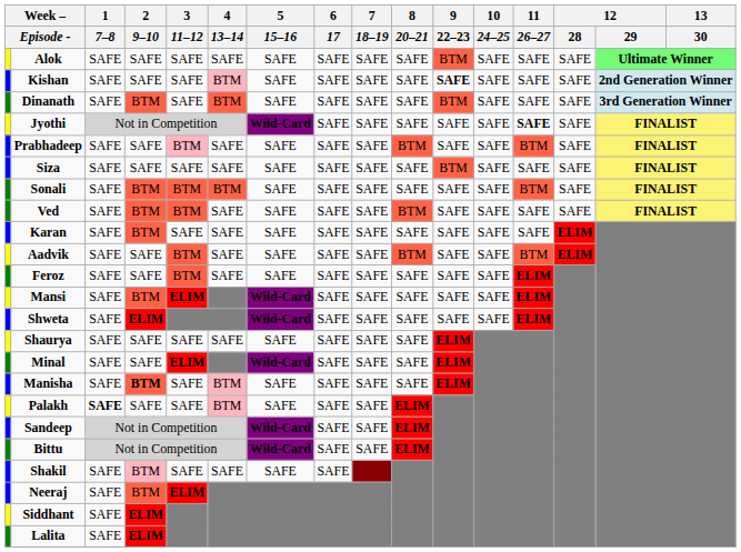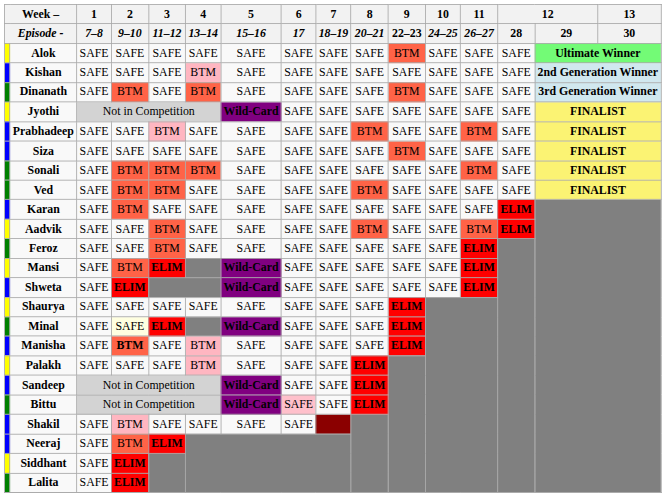 <table class="wikitable" border="2" class="wikitable" style="text-align:center; font-size:85%">
 <tr>
 <th colspan="2">Week –</th>
 <th>1</th>
 <th>2</th>
 <th>3</th>
 <th>4</th>
 <th>5</th>
 <th>6</th>
 <th>7</th>
 <th>8</th>
 <th>9</th>
 <th>10</th>
 <th>11</th>
 <th colspan="2">12</th>
 <th>13</th>
 </tr>
 <tr>
 <th colspan="2"><em>Episode -</em></th>
 <th><em>7–8</em></th>
 <th><em>9–10</em></th>
 <th><em>11–12</em></th>
 <th><em>13–14</em></th>
 <th><em>15–16</em></th>
 <th><em>17</em></th>
 <th><em>18–19</em></th>
 <th><em>20–21</em></th>
 <th>22–23</th>
 <th><em>24–25</em></th>
 <th><em>26–27</em></th>
 <th>28</th>
 <th>29</th>
 <th>30</th>
 </tr>
 <tr>
 <td bgcolor="yellow"></td>
 <td><strong>Alok</strong></td>
 <td>SAFE</td>
 <td>SAFE</td>
 <td>SAFE</td>
 <td>SAFE</td>
 <td>SAFE</td>
 <td>SAFE</td>
 <td>SAFE</td>
 <td>SAFE</td>
 <td bgcolor="tomato">BTM</td>
 <td>SAFE</td>
 <td>SAFE</td>
 <td>SAFE</td>
 <td colspan="2" style="background:#73FB76;"><strong>Ultimate Winner</strong></td>
 </tr>
 <tr>
 <td bgcolor="blue"></td>
 <td><strong>Kishan</strong></td>
 <td>SAFE</td>
 <td>SAFE</td>
 <td>SAFE</td>
 <td bgcolor="lightpink">BTM</td>
 <td>SAFE</td>
 <td>SAFE</td>
 <td>SAFE</td>
 <td>SAFE</td>
-<td><strong>SAFE</strong></td>
+<td>SAFE</td>
 <td>SAFE</td>
 <td>SAFE</td>
 <td>SAFE</td>
 <td colspan="2" style="background:#D1E8EF;"><strong>2nd Generation Winner</strong></td>
 </tr>
 <tr>
 <td bgcolor="green"></td>
 <td><strong>Dinanath</strong></td>
 <td>SAFE</td>
 <td bgcolor="tomato">BTM</td>
 <td>SAFE</td>
 <td bgcolor="tomato">BTM</td>
 <td>SAFE</td>
 <td>SAFE</td>
 <td>SAFE</td>
 <td>SAFE</td>
 <td bgcolor="tomato">BTM</td>
 <td>SAFE</td>
 <td>SAFE</td>
 <td>SAFE</td>
 <td colspan="2" style="background:#D1E8EF;"><strong>3rd Generation Winner</strong></td>
 </tr>
 <tr>
 <td bgcolor="yellow"></td>
 <td><strong>Jyothi</strong></td>
 <td colspan="4" bgcolor="lightgray">Not in Competition</td>
 <td bgcolor="purple"><span><strong>Wild-Card</strong></span></td>
 <td>SAFE</td>
 <td>SAFE</td>
 <td>SAFE</td>
 <td>SAFE</td>
 <td>SAFE</td>
-<td><strong>SAFE</strong></td>
+<td>SAFE</td>
 <td>SAFE</td>
 <td colspan="2" style="background:#fbf373;"><strong>FINALIST</strong></td>
 </tr>
 <tr>
 <td bgcolor="blue"></td>
 <td><strong>Prabhadeep</strong></td>
 <td>SAFE</td>
 <td>SAFE</td>
 <td bgcolor="lightpink">BTM</td>
 <td>SAFE</td>
 <td>SAFE</td>
 <td>SAFE</td>
 <td>SAFE</td>
 <td bgcolor="tomato">BTM</td>
 <td>SAFE</td>
 <td>SAFE</td>
 <td bgcolor="tomato">BTM</td>
 <td>SAFE</td>
 <td colspan="2" style="background:#fbf373;"><strong>FINALIST</strong></td>
 </tr>
 <tr>
 <td bgcolor="blue"></td>
 <td><strong>Siza</strong></td>
 <td>SAFE</td>
 <td>SAFE</td>
 <td>SAFE</td>
 <td>SAFE</td>
 <td>SAFE</td>
 <td>SAFE</td>
 <td>SAFE</td>
 <td>SAFE</td>
 <td bgcolor="tomato">BTM</td>
 <td>SAFE</td>
 <td>SAFE</td>
 <td>SAFE</td>
 <td colspan="2" style="background:#fbf373;"><strong>FINALIST</strong></td>
 </tr>
 <tr>
 <td bgcolor="green"></td>
 <td><strong>Sonali</strong></td>
 <td>SAFE</td>
 <td bgcolor="tomato">BTM</td>
 <td bgcolor="tomato">BTM</td>
 <td bgcolor="tomato">BTM</td>
 <td>SAFE</td>
 <td>SAFE</td>
 <td>SAFE</td>
 <td>SAFE</td>
 <td>SAFE</td>
 <td>SAFE</td>
 <td bgcolor="tomato">BTM</td>
 <td>SAFE</td>
 <td colspan="2" style="background:#fbf373;"><strong>FINALIST</strong></td>
 </tr>
 <tr>
 <td bgcolor="green"></td>
 <td><strong>Ved</strong></td>
 <td>SAFE</td>
 <td bgcolor="tomato">BTM</td>
 <td bgcolor="tomato">BTM</td>
 <td>SAFE</td>
 <td>SAFE</td>
 <td>SAFE</td>
 <td>SAFE</td>
 <td bgcolor="tomato">BTM</td>
 <td>SAFE</td>
 <td>SAFE</td>
 <td>SAFE</td>
 <td>SAFE</td>
 <td colspan="2" style="background:#fbf373;"><strong>FINALIST</strong></td>
 </tr>
 <tr>
 <td bgcolor="blue"></td>
 <td><strong>Karan</strong></td>
 <td>SAFE</td>
 <td bgcolor="tomato">BTM</td>
 <td>SAFE</td>
 <td>SAFE</td>
 <td>SAFE</td>
 <td>SAFE</td>
 <td>SAFE</td>
 <td>SAFE</td>
 <td>SAFE</td>
 <td>SAFE</td>
 <td>SAFE</td>
 <td bgcolor="red"><strong>ELIM</strong></td>
 <td colspan="2" rowspan="15" bgcolor="gray"></td>
 </tr>
 <tr>
 <td bgcolor="yellow"></td>
 <td><strong>Aadvik</strong></td>
 <td>SAFE</td>
 <td>SAFE</td>
 <td bgcolor="tomato">BTM</td>
 <td>SAFE</td>
 <td>SAFE</td>
 <td>SAFE</td>
 <td>SAFE</td>
 <td bgcolor="tomato">BTM</td>
 <td>SAFE</td>
 <td>SAFE</td>
 <td bgcolor="tomato">BTM</td>
 <td bgcolor="red"><strong>ELIM</strong></td>
 </tr>
 <tr>
 <td bgcolor="green"></td>
 <td><strong>Feroz</strong></td>
 <td>SAFE</td>
 <td>SAFE</td>
 <td bgcolor="tomato">BTM</td>
 <td>SAFE</td>
 <td>SAFE</td>
 <td>SAFE</td>
 <td>SAFE</td>
 <td>SAFE</td>
 <td>SAFE</td>
 <td>SAFE</td>
 <td bgcolor="red"><strong>ELIM</strong></td>
 <td rowspan="13" bgcolor="gray"></td>
 </tr>
 <tr>
 <td bgcolor="yellow"></td>
 <td><strong>Mansi</strong></td>
 <td>SAFE</td>
 <td bgcolor="tomato">BTM</td>
 <td bgcolor="red"><strong>ELIM</strong></td>
 <td bgcolor="gray"></td>
 <td bgcolor="purple"><span><strong>Wild-Card</strong></span></td>
 <td>SAFE</td>
 <td>SAFE</td>
 <td>SAFE</td>
 <td>SAFE</td>
 <td>SAFE</td>
 <td bgcolor="red"><strong>ELIM</strong></td>
 </tr>
 <tr>
 <td bgcolor="blue"></td>
 <td><strong>Shweta</strong></td>
 <td>SAFE</td>
 <td bgcolor="red"><strong>ELIM</strong></td>
 <td colspan="2" bgcolor="gray"></td>
 <td bgcolor="purple"><span><strong>Wild-Card</strong></span></td>
 <td>SAFE</td>
 <td>SAFE</td>
 <td>SAFE</td>
 <td>SAFE</td>
 <td>SAFE</td>
 <td bgcolor="red"><strong>ELIM</strong></td>
 </tr>
 <tr>
 <td bgcolor="yellow"></td>
 <td><strong>Shaurya</strong></td>
 <td>SAFE</td>
 <td>SAFE</td>
 <td>SAFE</td>
 <td>SAFE</td>
 <td>SAFE</td>
 <td>SAFE</td>
 <td>SAFE</td>
 <td>SAFE</td>
 <td bgcolor="red"><strong>ELIM</strong></td>
 <td colspan="2" rowspan="10" bgcolor="gray"></td>
 </tr>
 <tr>
 <td bgcolor="green"></td>
 <td><strong>Minal</strong></td>
 <td>SAFE</td>
-<td>SAFE</td>
+<td style="background: lightyellow;">SAFE</td>
 <td bgcolor="red"><strong>ELIM</strong></td>
 <td bgcolor="gray"></td>
 <td bgcolor="purple"><span><strong>Wild-Card</strong></span></td>
 <td>SAFE</td>
 <td>SAFE</td>
 <td>SAFE</td>
 <td bgcolor="red"><strong>ELIM</strong></td>
 </tr>
 <tr>
 <td bgcolor="blue"></td>
 <td><strong>Manisha</strong></td>
 <td>SAFE</td>
 <td bgcolor="tomato"><strong>BTM</strong></td>
 <td>SAFE</td>
 <td bgcolor="lightpink">BTM</td>
 <td>SAFE</td>
 <td>SAFE</td>
 <td>SAFE</td>
 <td>SAFE</td>
 <td bgcolor="red"><strong>ELIM</strong></td>
 </tr>
 <tr>
 <td bgcolor="yellow"></td>
 <td><strong>Palakh</strong></td>
-<td><strong>SAFE</strong></td>
+<td>SAFE</td>
 <td>SAFE</td>
 <td>SAFE</td>
 <td bgcolor="lightpink">BTM</td>
 <td>SAFE</td>
 <td>SAFE</td>
 <td>SAFE</td>
 <td bgcolor="red"><strong>ELIM</strong></td>
 <td rowspan="7" bgcolor="gray"></td>
 </tr>
 <tr>
 <td bgcolor="blue"></td>
 <td><strong>Sandeep</strong></td>
 <td colspan="4" bgcolor="lightgray">Not in Competition</td>
 <td bgcolor="purple"><span><strong>Wild-Card</strong></span></td>
 <td>SAFE</td>
 <td>SAFE</td>
 <td bgcolor="red"><strong>ELIM</strong></td>
 </tr>
 <tr>
 <td bgcolor="green"></td>
 <td><strong>Bittu</strong></td>
 <td colspan="4" bgcolor="lightgray">Not in Competition</td>
 <td bgcolor="purple"><span><strong>Wild-Card</strong></span></td>
-<td>SAFE</td>
+<td style="background: pink;">SAFE</td>
 <td>SAFE</td>
 <td bgcolor="red"><strong>ELIM</strong></td>
 </tr>
 <tr>
 <td bgcolor="blue"></td>
 <td><strong>Shakil</strong></td>
 <td>SAFE</td>
 <td bgcolor="lightpink">BTM</td>
 <td>SAFE</td>
 <td>SAFE</td>
 <td>SAFE</td>
 <td>SAFE</td>
 <td bgcolor=darkred><strong></strong></td>
 <td rowspan="4" bgcolor="gray"></td>
 </tr>
 <tr>
 <td bgcolor="blue"></td>
 <td><strong>Neeraj</strong></td>
 <td>SAFE</td>
 <td bgcolor="tomato">BTM</td>
 <td bgcolor="red"><strong>ELIM</strong></td>
 <td colspan="4" rowspan="3" bgcolor="gray"></td>
 </tr>
 <tr>
 <td bgcolor="yellow"></td>
 <td><strong>Siddhant</strong></td>
 <td>SAFE</td>
 <td bgcolor="red"><strong>ELIM</strong></td>
 <td rowspan="2" bgcolor="gray"></td>
 </tr>
 <tr>
 <td bgcolor="green"></td>
 <td><strong>Lalita</strong></td>
 <td>SAFE</td>
 <td bgcolor="red"><strong>ELIM</strong></td>
 </tr>
 <tr>
 </tr>
 </table>
